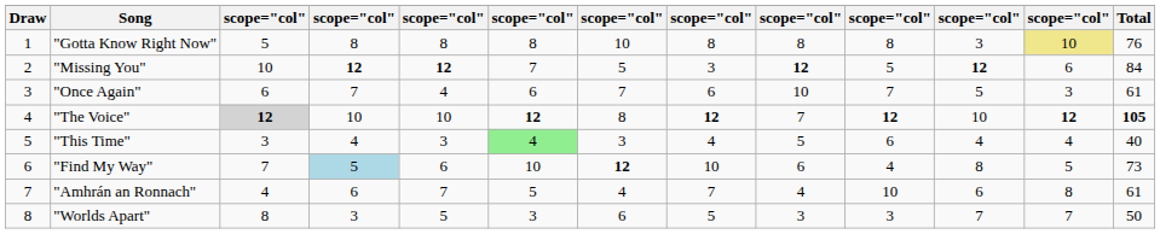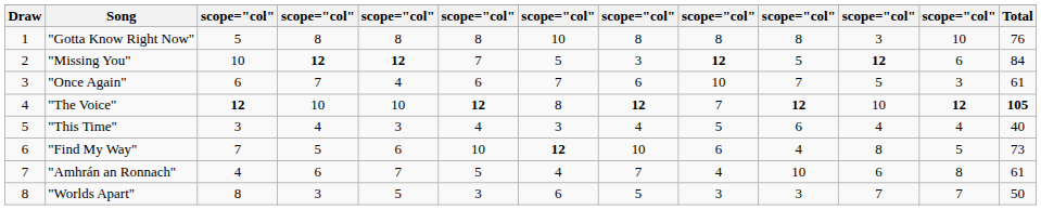 <table class="wikitable plainrowheaders" style="margin: 1em auto 1em auto; text-align:center;">
 <tr>
 </tr>
 <tr>
 <th scope="col">Draw</th>
 <th scope="col">Song</th>
 <th>scope="col" </th>
 <th>scope="col" </th>
 <th>scope="col" </th>
 <th>scope="col" </th>
 <th>scope="col" </th>
 <th>scope="col" </th>
 <th>scope="col" </th>
 <th>scope="col" </th>
 <th>scope="col" </th>
 <th>scope="col" </th>
 <th scope="col">Total</th>
 </tr>
 <tr --->
 <td>1</td>
 <td align="left">"Gotta Know Right Now"</td>
 <td>5</td>
 <td>8</td>
 <td>8</td>
 <td>8</td>
 <td>10</td>
 <td>8</td>
 <td>8</td>
 <td>8</td>
 <td>3</td>
-<td style="background: khaki;">10</td>
+<td>10</td>
 <td>76</td>
 </tr>
 <tr --->
 <td>2</td>
 <td align="left">"Missing You"</td>
 <td>10</td>
 <td><strong>12</strong></td>
 <td><strong>12</strong></td>
 <td>7</td>
 <td>5</td>
 <td>3</td>
 <td><strong>12</strong></td>
 <td>5</td>
 <td><strong>12</strong></td>
 <td>6</td>
 <td>84</td>
 </tr>
 <tr --->
 <td>3</td>
 <td align="left">"Once Again"</td>
 <td>6</td>
 <td>7</td>
 <td>4</td>
 <td>6</td>
 <td>7</td>
 <td>6</td>
 <td>10</td>
 <td>7</td>
 <td>5</td>
 <td>3</td>
 <td>61</td>
 </tr>
 <tr --->
 <td>4</td>
 <td align="left">"The Voice"</td>
-<td style="background: lightgrey;"><strong>12</strong></td>
+<td><strong>12</strong></td>
 <td>10</td>
 <td>10</td>
 <td><strong>12</strong></td>
 <td>8</td>
 <td><strong>12</strong></td>
 <td>7</td>
 <td><strong>12</strong></td>
 <td>10</td>
 <td><strong>12</strong></td>
 <td><strong>105</strong></td>
 </tr>
 <tr --->
 <td>5</td>
 <td align="left">"This Time"</td>
 <td>3</td>
 <td>4</td>
 <td>3</td>
-<td style="background: lightgreen;">4</td>
+<td>4</td>
 <td>3</td>
 <td>4</td>
 <td>5</td>
 <td>6</td>
 <td>4</td>
 <td>4</td>
 <td>40</td>
 </tr>
 <tr --->
 <td>6</td>
 <td align="left">"Find My Way"</td>
 <td>7</td>
-<td style="background: lightblue;">5</td>
+<td>5</td>
 <td>6</td>
 <td>10</td>
 <td><strong>12</strong></td>
 <td>10</td>
 <td>6</td>
 <td>4</td>
 <td>8</td>
 <td>5</td>
 <td>73</td>
 </tr>
 <tr --->
 <td>7</td>
 <td align="left">"Amhrán an Ronnach"</td>
 <td>4</td>
 <td>6</td>
 <td>7</td>
 <td>5</td>
 <td>4</td>
 <td>7</td>
 <td>4</td>
 <td>10</td>
 <td>6</td>
 <td>8</td>
 <td>61</td>
 </tr>
 <tr --->
 <td>8</td>
 <td align="left">"Worlds Apart"</td>
 <td>8</td>
 <td>3</td>
 <td>5</td>
 <td>3</td>
 <td>6</td>
 <td>5</td>
 <td>3</td>
 <td>3</td>
 <td>7</td>
 <td>7</td>
 <td>50</td>
 </tr>
 </table>
